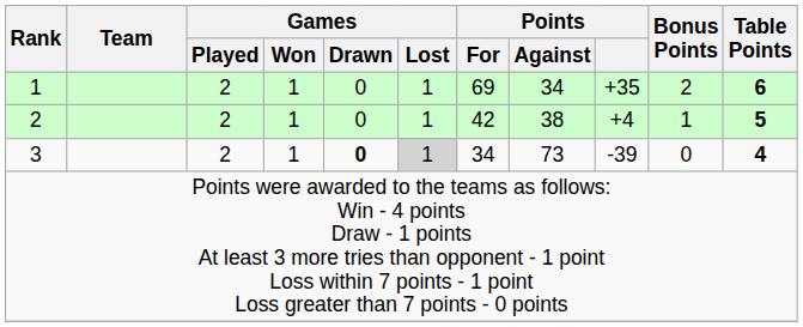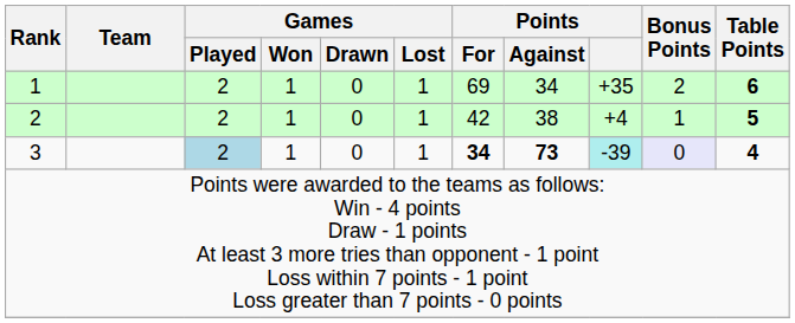 <table class="wikitable"  style="text-align: center;">
 <tr>
 <th rowspan="2" width="20">Rank</th>
 <th rowspan="2" width="200">Team</th>
 <th colspan="4">Games</th>
 <th colspan="3">Points</th>
 <th rowspan="2" width="50">Bonus<br>Points</th>
 <th rowspan="2" width="50">Table Points</th>
 </tr>
 <tr>
 <th width="50">Played</th>
 <th width="50">Won</th>
 <th width="50">Drawn</th>
 <th width="50">Lost</th>
 <th width="50">For</th>
 <th width="50">Against</th>
 <th width="50"></th>
 </tr>
 <tr bgcolor="#ccffcc">
 <td>1</td>
 <td align=left></td>
 <td>2</td>
 <td>1</td>
 <td>0</td>
 <td>1</td>
 <td>69</td>
 <td>34</td>
 <td>+35</td>
 <td>2</td>
 <td><strong>6</strong></td>
 </tr>
 <tr bgcolor="#ccffcc">
 <td>2</td>
 <td align="left"></td>
 <td>2</td>
 <td>1</td>
 <td>0</td>
 <td>1</td>
 <td>42</td>
 <td>38</td>
 <td>+4</td>
 <td>1</td>
 <td><strong>5</strong></td>
 </tr>
 <tr>
 <td>3</td>
 <td align="left"></td>
-<td>2</td>
+<td style="background: lightblue;">2</td>
 <td>1</td>
-<td><strong>0</strong></td>
-<td style="background: lightgrey;">1</td>
-<td>34</td>
-<td>73</td>
-<td>-39</td>
 <td>0</td>
+<td>1</td>
+<td><strong>34</strong></td>
+<td><strong>73</strong></td>
+<td style="background: paleturquoise;">-39</td>
+<td style="background: lavender;">0</td>
 <td><strong>4</strong></td>
 </tr>
 <tr>
 <td colspan="100%" style="text-align:center;">Points were awarded to the teams as follows:<br>Win - 4 points<br>Draw - 1 points<br> At least 3 more tries than opponent - 1 point<br> Loss within 7 points - 1 point<br>Loss greater than 7 points - 0 points</td>
 </tr>
 <tr>
 </tr>
 </table>
